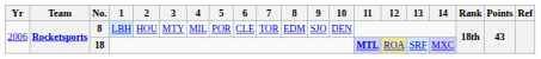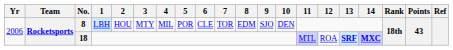 <table class="wikitable" style="text-align:center; font-size:85%">
 <tr>
 <th>Yr</th>
 <th>Team</th>
 <th>No.</th>
 <th>1</th>
 <th>2</th>
 <th>3</th>
 <th>4</th>
 <th>5</th>
 <th>6</th>
 <th>7</th>
 <th>8</th>
 <th>9</th>
 <th>10</th>
 <th>11</th>
 <th>12</th>
 <th>13</th>
 <th>14</th>
 <th>Rank</th>
 <th>Points</th>
 <th>Ref</th>
 </tr>
 <tr>
 <td rowspan=2><a href='#'>2006</a></td>
 <th rowspan=2 nowrap><a href='#'>Rocketsports</a></th>
 <th>8</th>
 <td style="background:#CFEAFF;"><a href='#'>LBH</a><br></td>
 <td><a href='#'>HOU</a></td>
 <td><a href='#'>MTY</a></td>
 <td><a href='#'>MIL</a></td>
 <td><a href='#'>POR</a></td>
 <td><a href='#'>CLE</a></td>
 <td><a href='#'>TOR</a></td>
 <td><a href='#'>EDM</a></td>
 <td><a href='#'>SJO</a></td>
 <td><a href='#'>DEN</a></td>
 <td colspan=4></td>
 <th rowspan=2>18th</th>
 <th rowspan=2>43</th>
 <th rowspan=2></th>
 </tr>
 <tr>
 <th>18</th>
 <td colspan=10></td>
-<td style="background:#CFCFFF;"><strong><a href='#'>MTL</a><br></strong></td>
-<td style="background: khaki;"><a href='#'>ROA</a></td>
-<td style="background:#CFEAFF;"><a href='#'>SRF</a><br></td>
-<td style="background:#CFCFFF;"><a href='#'>MXC</a><br></td>
+<td style="background:#CFCFFF;"><a href='#'>MTL</a><br></td>
+<td><a href='#'>ROA</a></td>
+<td style="background:#CFEAFF;"><strong><a href='#'>SRF</a><br></strong></td>
+<td style="background:#CFCFFF;"><strong><a href='#'>MXC</a><br></strong></td>
 </tr>
 </table>
